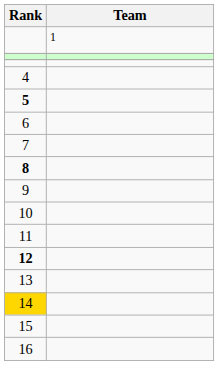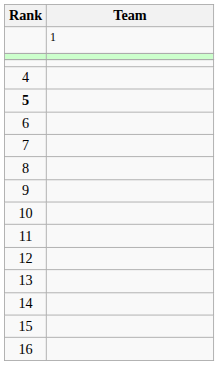 <table class="wikitable" style="text-align: center;">
 <tr>
 <th width=40>Rank</th>
 <th width=180>Team</th>
 </tr>
 <tr>
 <td></td>
 <td align=left><sup>1</sup></td>
 </tr>
 <tr>
 </tr>
 <tr bgcolor=#ccffcc>
 <td></td>
 <td align=left></td>
 </tr>
 <tr>
 </tr>
 <tr>
 <td></td>
 <td align=left></td>
 </tr>
 <tr>
 <td>4</td>
 <td align=left></td>
 </tr>
 <tr>
 <td><strong>5</strong></td>
 <td align=left></td>
 </tr>
 <tr>
 <td>6</td>
 <td align=left></td>
 </tr>
 <tr>
 <td>7</td>
 <td align=left></td>
 </tr>
 <tr>
-<td><strong>8</strong></td>
+<td>8</td>
 <td align=left></td>
 </tr>
 <tr>
 <td>9</td>
 <td align=left></td>
 </tr>
 <tr>
 <td>10</td>
 <td align=left></td>
 </tr>
 <tr>
 <td>11</td>
 <td align=left></td>
 </tr>
 <tr>
-<td><strong>12</strong></td>
+<td>12</td>
 <td align=left></td>
 </tr>
 <tr>
 <td>13</td>
 <td align=left></td>
 </tr>
 <tr>
-<td style="background: gold;">14</td>
+<td>14</td>
 <td align=left></td>
 </tr>
 <tr>
 <td>15</td>
 <td align=left></td>
 </tr>
 <tr>
 <td>16</td>
 <td align=left></td>
 </tr>
 </table>
